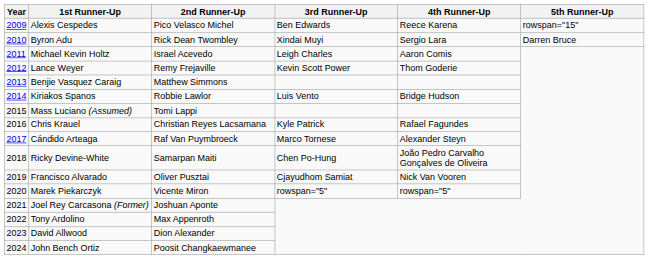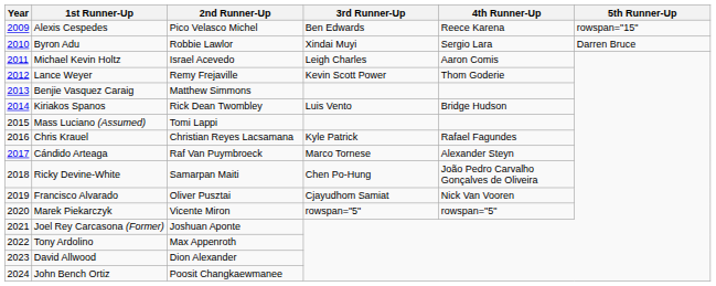 <table class="wikitable sortable" style="font-size: 85%;">
 <tr>
 <th>Year</th>
 <th width="180">1st Runner-Up</th>
 <th width="180">2nd Runner-Up</th>
 <th width="180">3rd Runner-Up</th>
 <th width="180">4th Runner-Up</th>
 <th width="180">5th Runner-Up</th>
 </tr>
 <tr>
 <td><a href='#'>2009</a></td>
 <td>Alexis Cespedes<br></td>
 <td>Pico Velasco Michel<br></td>
 <td>Ben Edwards<br></td>
 <td>Reece Karena<br></td>
 <td>rowspan="15" </td>
 </tr>
 <tr>
 <td><a href='#'>2010</a></td>
 <td>Byron Adu<br></td>
-<td>Rick Dean Twombley<br></td>
+<td>Robbie Lawlor<br></td>
 <td>Xindai Muyi<br></td>
 <td>Sergio Lara<br></td>
 <td>Darren Bruce<br></td>
 </tr>
 <tr>
 <td><a href='#'>2011</a></td>
 <td>Michael Kevin Holtz<br></td>
 <td>Israel Acevedo<br></td>
 <td>Leigh Charles<br></td>
 <td>Aaron Comis<br></td>
 </tr>
 <tr>
 <td><a href='#'>2012</a></td>
 <td>Lance Weyer<br></td>
 <td>Remy Frejaville<br></td>
 <td>Kevin Scott Power<br></td>
 <td>Thom Goderie<br></td>
 </tr>
 <tr>
 <td><a href='#'>2013</a></td>
 <td>Benjie Vasquez Caraig<br></td>
 <td>Matthew Simmons<br></td>
 <td></td>
 <td></td>
 </tr>
 <tr>
 <td><a href='#'>2014</a></td>
 <td>Kiriakos Spanos<br></td>
-<td>Robbie Lawlor<br></td>
+<td>Rick Dean Twombley<br></td>
 <td>Luis Vento<br></td>
 <td>Bridge Hudson<br></td>
 </tr>
 <tr>
 <td>2015</td>
 <td>Mass Luciano <em>(Assumed)</em><br></td>
 <td>Tomi Lappi<br></td>
 <td></td>
 <td></td>
 </tr>
 <tr>
 <td>2016</td>
 <td>Chris Krauel<br></td>
 <td>Christian Reyes Lacsamana<br></td>
 <td>Kyle Patrick<br></td>
 <td>Rafael Fagundes<br></td>
 </tr>
 <tr>
 <td><a href='#'>2017</a></td>
 <td>Cándido Arteaga<br></td>
 <td>Raf Van Puymbroeck<br></td>
 <td>Marco Tornese<br></td>
 <td>Alexander Steyn<br></td>
 </tr>
 <tr>
 <td>2018</td>
 <td>Ricky Devine-White<br></td>
 <td>Samarpan Maiti<br></td>
 <td>Chen Po-Hung<br></td>
 <td>João Pedro Carvalho Gonçalves de Oliveira<br></td>
 </tr>
 <tr>
 <td>2019</td>
 <td>Francisco Alvarado<br></td>
 <td>Oliver Pusztai<br></td>
 <td>Cjayudhom Samiat<br></td>
 <td>Nick Van Vooren<br></td>
 </tr>
 <tr>
 <td>2020</td>
 <td>Marek Piekarczyk<br></td>
 <td>Vicente Miron<br></td>
 <td>rowspan="5" </td>
 <td>rowspan="5" </td>
 </tr>
 <tr>
 <td>2021</td>
 <td>Joel Rey Carcasona <em>(Former)</em><br></td>
 <td>Joshuan Aponte<br></td>
 </tr>
 <tr>
 <td>2022</td>
 <td>Tony Ardolino<br></td>
 <td>Max Appenroth<br></td>
 </tr>
 <tr>
 <td>2023</td>
 <td>David Allwood <br></td>
 <td>Dion Alexander<br></td>
 </tr>
 <tr>
 <td>2024</td>
 <td>John Bench Ortiz<br></td>
 <td>Poosit Changkaewmanee<br></td>
 </tr>
 </table>
